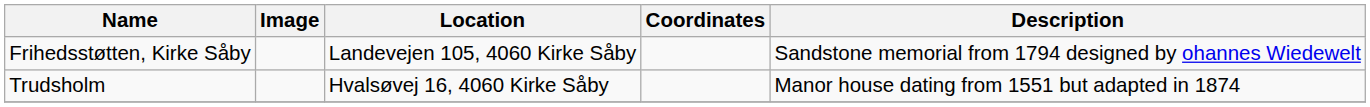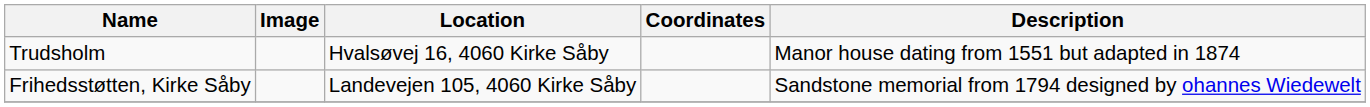 <table class="wikitable sortable">
 <tr>
 <th>Name</th>
 <th>Image</th>
 <th>Location</th>
 <th>Coordinates</th>
 <th>Description</th>
 </tr>
 <tr>
+<td>Trudsholm</td>
+<td></td>
+<td>Hvalsøvej 16, 4060 Kirke Såby</td>
+<td></td>
+<td>Manor house dating from 1551 but adapted in 1874</td>
+</tr>
+<tr>
 <td>Frihedsstøtten, Kirke Såby</td>
 <td></td>
 <td>Landevejen 105, 4060 Kirke Såby</td>
 <td></td>
 <td>Sandstone memorial from 1794 designed by <a href='#'>ohannes Wiedewelt</a></td>
 </tr>
 <tr>
-<td>Trudsholm</td>
-<td></td>
-<td>Hvalsøvej 16, 4060 Kirke Såby</td>
-<td></td>
-<td>Manor house dating from 1551 but adapted in 1874</td>
-</tr>
-<tr>
 </tr>
 </table>
